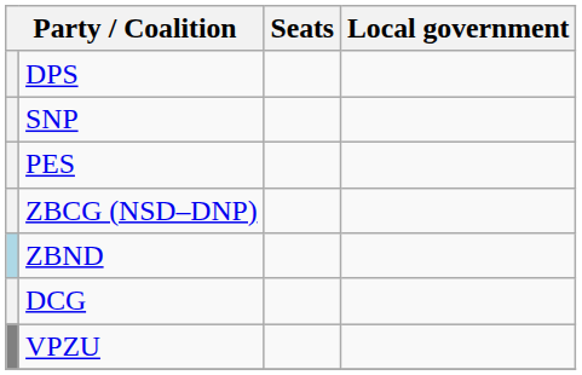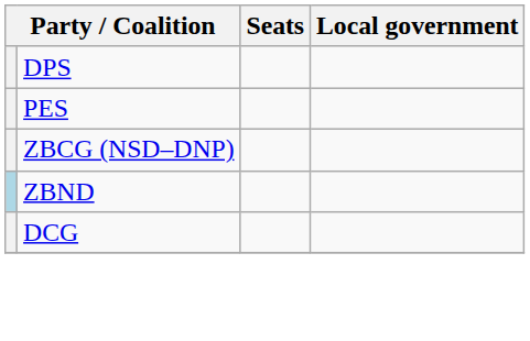 <table class="wikitable" style="text-align:left;">
 <tr>
 <th colspan=2>Party / Coalition</th>
 <th>Seats</th>
 <th>Local government</th>
 </tr>
 <tr>
 <th style="background-color: "></th>
 <td><a href='#'>DPS</a></td>
-<td></td>
-<td></td>
-</tr>
-<tr>
-<th style="background-color: "></th>
-<td><a href='#'>SNP</a></td>
 <td></td>
 <td></td>
 </tr>
 <tr>
 <th style="background-color: "></th>
 <td><a href='#'>PES</a></td>
 <td></td>
 <td></td>
 </tr>
 <tr>
 <th style="background-color: "></th>
 <td><a href='#'>ZBCG (NSD–DNP)</a></td>
 <td></td>
 <td></td>
 </tr>
 <tr>
 <th style="background-color: lightblue"></th>
 <td><a href='#'>ZBND</a></td>
 <td></td>
 <td></td>
 </tr>
 <tr>
 <th style="background-color: "></th>
 <td><a href='#'>DCG</a></td>
 <td></td>
 <td></td>
 </tr>
 <tr>
-<th style="background-color: gray"></th>
-<td><a href='#'>VPZU</a></td>
-<td></td>
-<td></td>
-</tr>
-<tr>
 </tr>
 </table>
